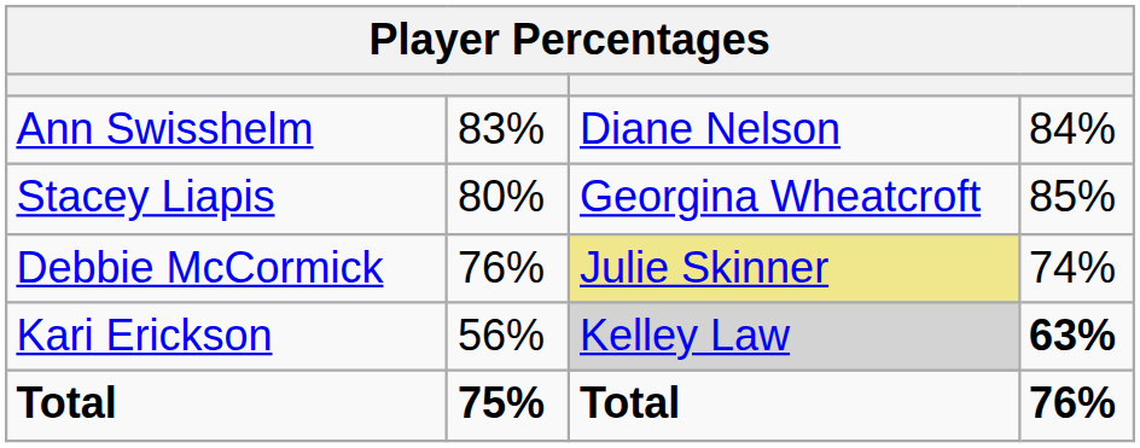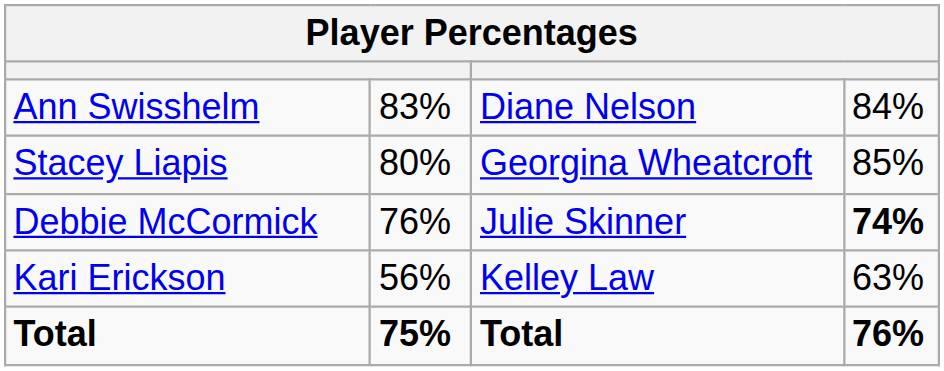 <table class="wikitable">
 <tr>
 <th colspan=4 width=400>Player Percentages</th>
 </tr>
 <tr>
 <th colspan=2 width=200></th>
 <th colspan=2 width=200></th>
 </tr>
 <tr>
 <td><a href='#'>Ann Swisshelm</a></td>
 <td>83%</td>
 <td><a href='#'>Diane Nelson</a></td>
 <td>84%</td>
 </tr>
 <tr>
 <td><a href='#'>Stacey Liapis</a></td>
 <td>80%</td>
 <td><a href='#'>Georgina Wheatcroft</a></td>
 <td>85%</td>
 </tr>
 <tr>
 <td><a href='#'>Debbie McCormick</a></td>
 <td>76%</td>
-<td style="background: khaki;"><a href='#'>Julie Skinner</a></td>
-<td>74%</td>
+<td><a href='#'>Julie Skinner</a></td>
+<td><strong>74%</strong></td>
 </tr>
 <tr>
 <td><a href='#'>Kari Erickson</a></td>
 <td>56%</td>
-<td style="background: lightgrey;"><a href='#'>Kelley Law</a></td>
-<td><strong>63%</strong></td>
+<td><a href='#'>Kelley Law</a></td>
+<td>63%</td>
 </tr>
 <tr>
 <td><strong>Total</strong></td>
 <td><strong>75%</strong></td>
 <td><strong>Total</strong></td>
 <td><strong>76%</strong></td>
 </tr>
 </table>
